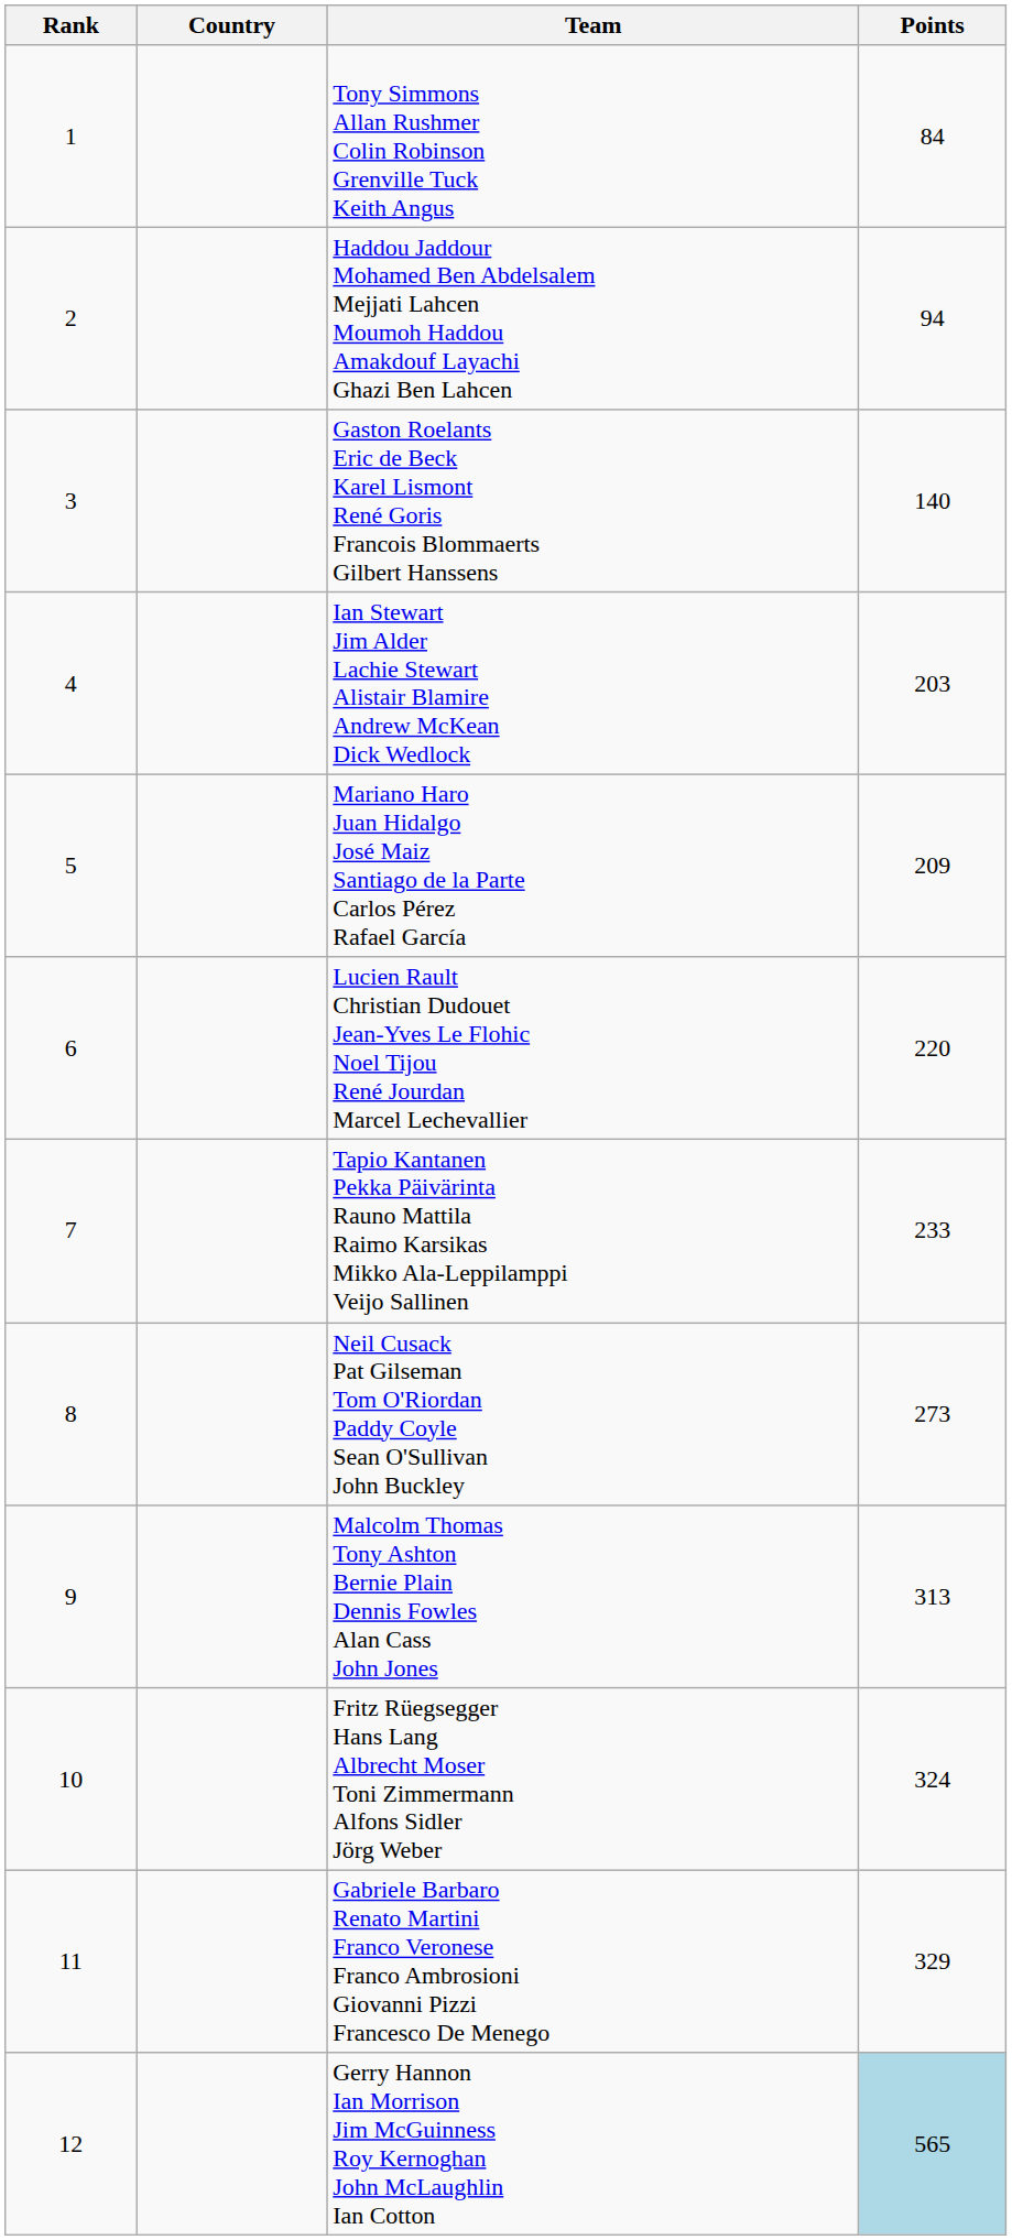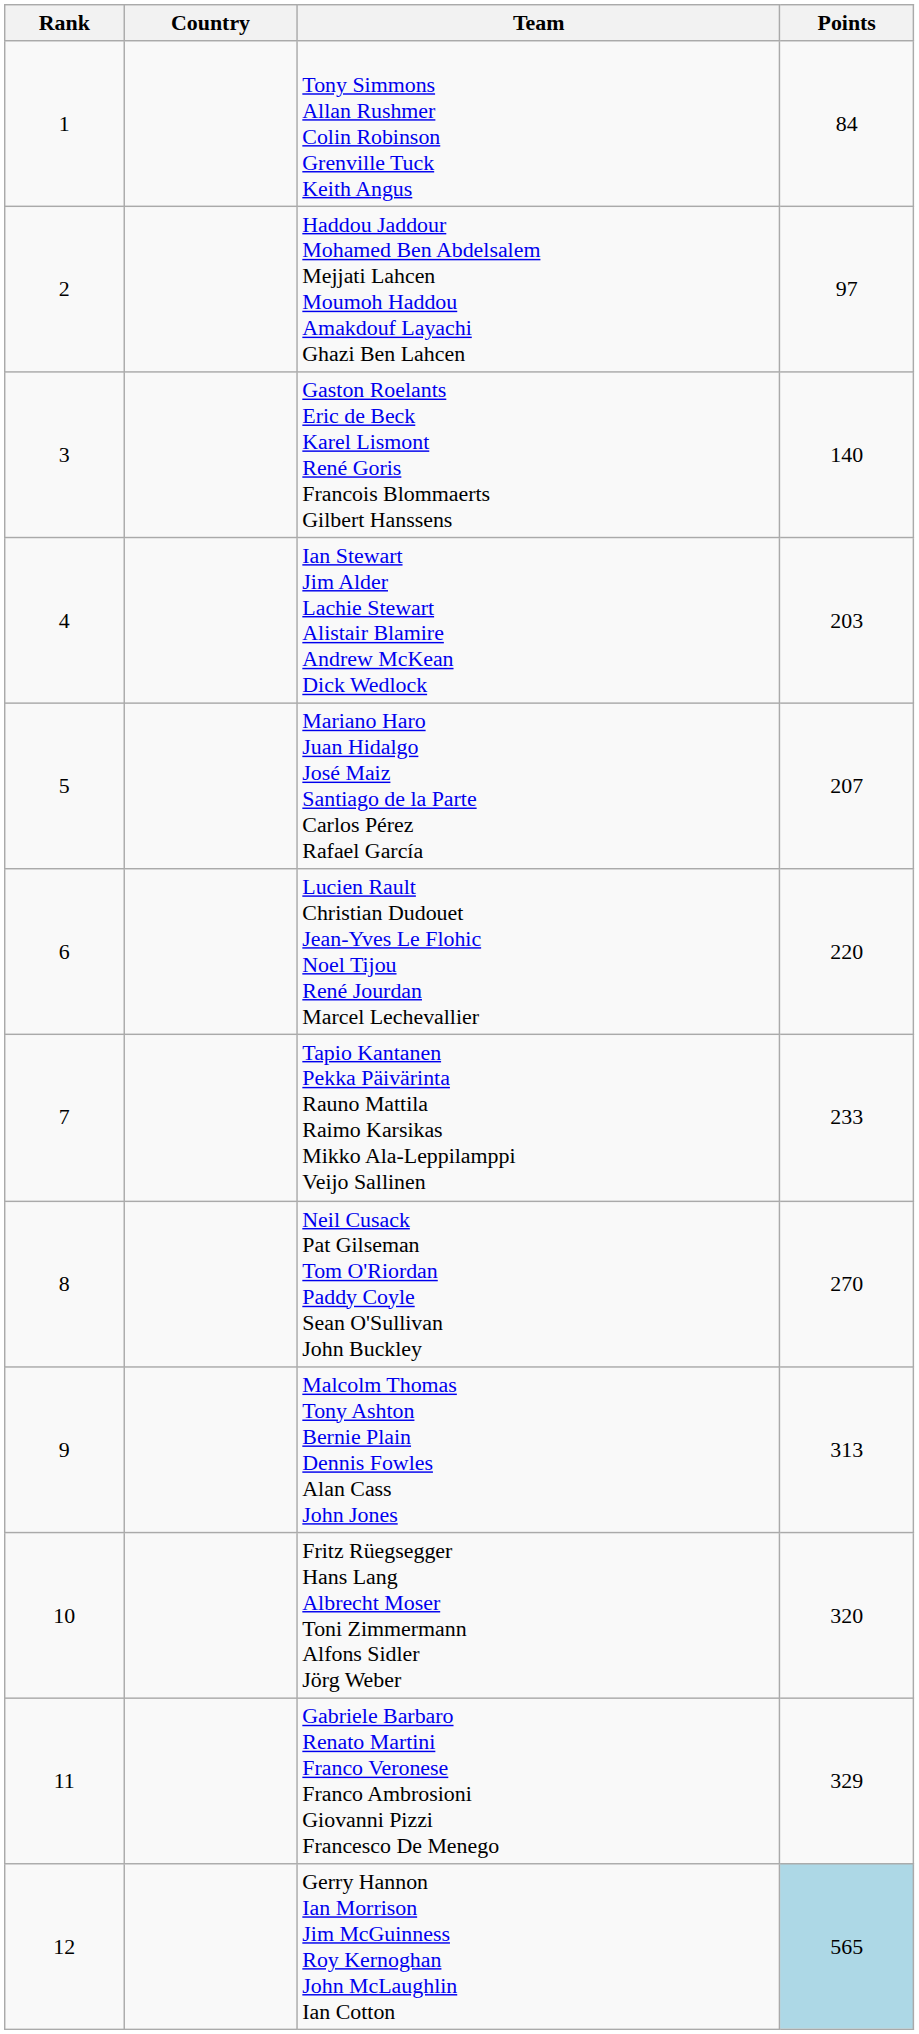 <table class="wikitable sortable" style=" text-align:center; font-size:95%;" width="50%">
 <tr>
 <th>Rank</th>
 <th>Country</th>
 <th>Team</th>
 <th>Points</th>
 </tr>
 <tr>
 <td align=center>1</td>
 <td align=left></td>
 <td align=left><br><a href='#'>Tony Simmons</a><br><a href='#'>Allan Rushmer</a><br><a href='#'>Colin Robinson</a><br><a href='#'>Grenville Tuck</a><br><a href='#'>Keith Angus</a></td>
 <td>84</td>
 </tr>
 <tr>
 <td align=center>2</td>
 <td align=left></td>
 <td align=left><a href='#'>Haddou Jaddour</a><br><a href='#'>Mohamed Ben Abdelsalem</a><br>Mejjati Lahcen<br><a href='#'>Moumoh Haddou</a><br><a href='#'>Amakdouf Layachi</a><br>Ghazi Ben Lahcen</td>
-<td>94</td>
+<td>97</td>
 </tr>
 <tr>
 <td align=center>3</td>
 <td align=left></td>
 <td align=left><a href='#'>Gaston Roelants</a><br><a href='#'>Eric de Beck</a><br><a href='#'>Karel Lismont</a><br><a href='#'>René Goris</a><br>Francois Blommaerts<br>Gilbert Hanssens</td>
 <td>140</td>
 </tr>
 <tr>
 <td align=center>4</td>
 <td align=left></td>
 <td align=left><a href='#'>Ian Stewart</a><br><a href='#'>Jim Alder</a><br><a href='#'>Lachie Stewart</a><br><a href='#'>Alistair Blamire</a><br><a href='#'>Andrew McKean</a><br><a href='#'>Dick Wedlock</a></td>
 <td>203</td>
 </tr>
 <tr>
 <td align=center>5</td>
 <td align=left></td>
 <td align=left><a href='#'>Mariano Haro</a><br><a href='#'>Juan Hidalgo</a><br><a href='#'>José Maiz</a><br><a href='#'>Santiago de la Parte</a><br>Carlos Pérez<br>Rafael García</td>
-<td>209</td>
+<td>207</td>
 </tr>
 <tr>
 <td align=center>6</td>
 <td align=left></td>
 <td align=left><a href='#'>Lucien Rault</a><br>Christian Dudouet<br><a href='#'>Jean-Yves Le Flohic</a><br><a href='#'>Noel Tijou</a><br><a href='#'>René Jourdan</a><br>Marcel Lechevallier</td>
 <td>220</td>
 </tr>
 <tr>
 <td align=center>7</td>
 <td align=left></td>
 <td align=left><a href='#'>Tapio Kantanen</a><br><a href='#'>Pekka Päivärinta</a><br>Rauno Mattila<br>Raimo Karsikas<br>Mikko Ala-Leppilamppi<br>Veijo Sallinen</td>
 <td>233</td>
 </tr>
 <tr>
 <td align=center>8</td>
 <td align=left></td>
 <td align=left><a href='#'>Neil Cusack</a><br>Pat Gilseman<br><a href='#'>Tom O'Riordan</a><br><a href='#'>Paddy Coyle</a><br>Sean O'Sullivan<br>John Buckley</td>
-<td>273</td>
+<td>270</td>
 </tr>
 <tr>
 <td align=center>9</td>
 <td align=left></td>
 <td align=left><a href='#'>Malcolm Thomas</a><br><a href='#'>Tony Ashton</a><br><a href='#'>Bernie Plain</a><br><a href='#'>Dennis Fowles</a><br>Alan Cass<br><a href='#'>John Jones</a></td>
 <td>313</td>
 </tr>
 <tr>
 <td align=center>10</td>
 <td align=left></td>
 <td align=left>Fritz Rüegsegger<br>Hans Lang<br><a href='#'>Albrecht Moser</a><br>Toni Zimmermann<br>Alfons Sidler<br>Jörg Weber</td>
-<td>324</td>
+<td>320</td>
 </tr>
 <tr>
 <td align=center>11</td>
 <td align=left></td>
 <td align=left><a href='#'>Gabriele Barbaro</a><br><a href='#'>Renato Martini</a><br><a href='#'>Franco Veronese</a><br>Franco Ambrosioni<br>Giovanni Pizzi<br>Francesco De Menego</td>
 <td>329</td>
 </tr>
 <tr>
 <td align=center>12</td>
 <td align=left></td>
 <td align=left>Gerry Hannon<br><a href='#'>Ian Morrison</a><br><a href='#'>Jim McGuinness</a><br><a href='#'>Roy Kernoghan</a><br><a href='#'>John McLaughlin</a><br>Ian Cotton</td>
 <td style="background: lightblue;">565</td>
 </tr>
 </table>
